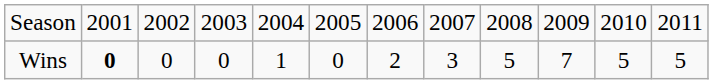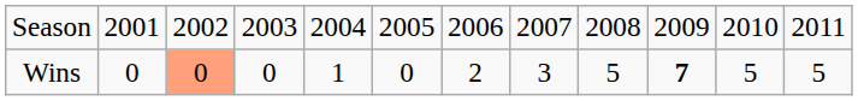 <table class="wikitable sortable">
 <tr>
 <td>Season</td>
 <td>2001</td>
 <td>2002</td>
 <td>2003</td>
 <td>2004</td>
 <td>2005</td>
 <td>2006</td>
 <td>2007</td>
 <td>2008</td>
 <td>2009</td>
 <td>2010</td>
 <td>2011</td>
 </tr>
 <tr align=center>
 <td>Wins</td>
-<td><strong>0</strong></td>
 <td>0</td>
+<td style="background: lightsalmon;">0</td>
 <td>0</td>
 <td>1</td>
 <td>0</td>
 <td>2</td>
 <td>3</td>
 <td>5</td>
-<td>7</td>
+<td><strong>7</strong></td>
 <td>5</td>
 <td>5</td>
 </tr>
 </table>
